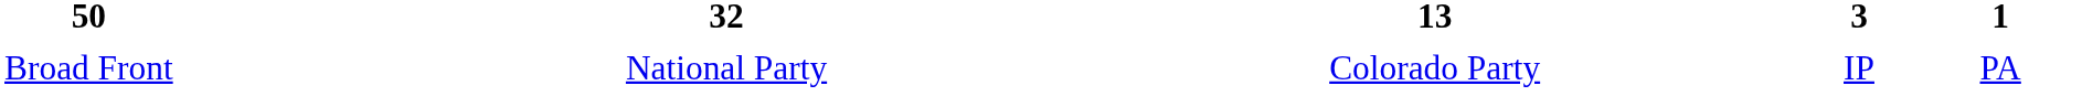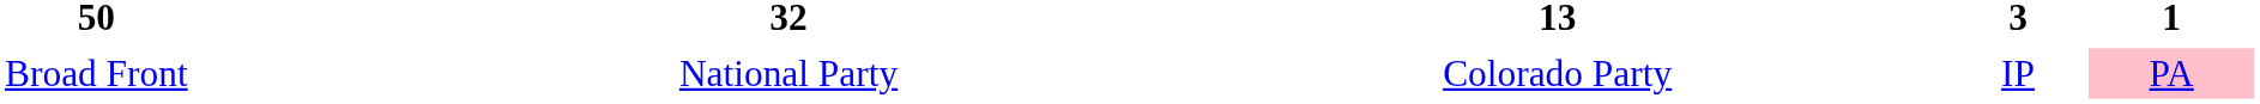 <table style="width:66em; text-align:center; font-size:88%">
 <tr style="font-weight:bold">
 <td style="background:">50</td>
 <td style="background:">32</td>
 <td style="background:">13</td>
 <td style="background:">3</td>
 <td style="background:">1</td>
 </tr>
 <tr>
 <td><a href='#'>Broad Front</a></td>
 <td><a href='#'>National Party</a></td>
 <td><a href='#'>Colorado Party</a></td>
 <td><a href='#'>IP</a></td>
-<td><a href='#'>PA</a></td>
+<td style="background: pink;"><a href='#'>PA</a></td>
 </tr>
 </table>
